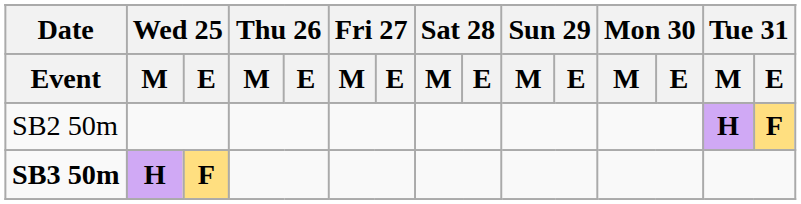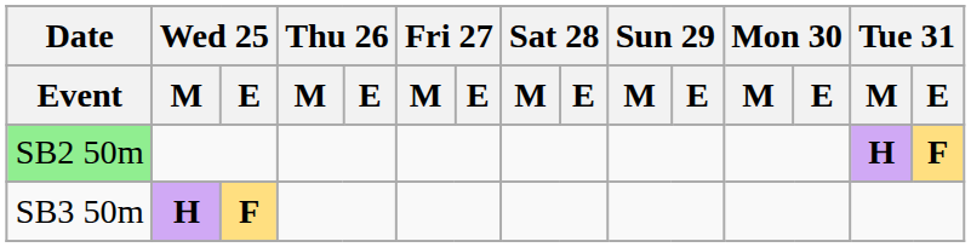 <table class="wikitable" style="margin:0.5em auto; font-size:90%; line-height:1.25em;">
 <tr align="center">
 </tr>
 <tr>
 <th>Date</th>
 <th colspan="2">Wed 25</th>
 <th colspan="2">Thu 26</th>
 <th colspan="2">Fri 27</th>
 <th colspan="2">Sat 28</th>
 <th colspan="2">Sun 29</th>
 <th colspan="2">Mon 30</th>
 <th colspan="2">Tue 31</th>
 </tr>
 <tr>
 <th>Event</th>
 <th>M</th>
 <th>E</th>
 <th>M</th>
 <th>E</th>
 <th>M</th>
 <th>E</th>
 <th>M</th>
 <th>E</th>
 <th>M</th>
 <th>E</th>
 <th>M</th>
 <th>E</th>
 <th>M</th>
 <th>E</th>
 </tr>
 <tr align="center">
-<td align="left">SB2 50m</td>
+<td align="left" style="background: lightgreen;">SB2 50m</td>
 <td colspan="2"></td>
 <td colspan="2"></td>
 <td colspan="2"></td>
 <td colspan="2"></td>
 <td colspan="2"></td>
 <td colspan="2"></td>
 <td bgcolor="#D0A9F5"><strong>H</strong></td>
 <td bgcolor="#FFDF80"><strong>F</strong></td>
 </tr>
 <tr align="center">
-<td align="left"><strong>SB3 50m</strong></td>
+<td align="left">SB3 50m</td>
 <td bgcolor="#D0A9F5"><strong>H</strong></td>
 <td bgcolor="#FFDF80"><strong>F</strong></td>
 <td colspan="2"></td>
 <td colspan="2"></td>
 <td colspan="2"></td>
 <td colspan="2"></td>
 <td colspan="2"></td>
 </tr>
 </table>
